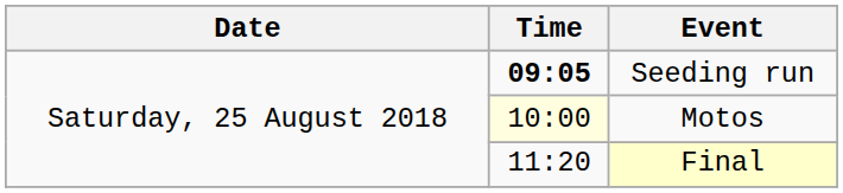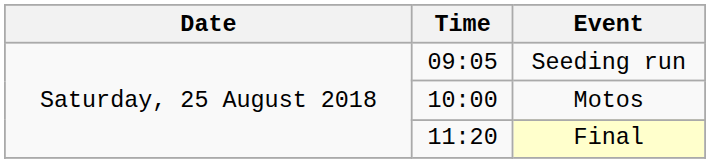 <table class = "wikitable" style="text-align:center;">
 <tr>
 <th width=220>Date</th>
 <th width=50>Time</th>
 <th width=100>Event</th>
 </tr>
 <tr>
 <td rowspan=3>Saturday, 25 August 2018</td>
-<td><strong>09:05</strong></td>
+<td>09:05</td>
 <td>Seeding run</td>
 </tr>
 <tr>
-<td style="background: lightyellow;">10:00</td>
+<td>10:00</td>
 <td>Motos</td>
 </tr>
 <tr>
 <td>11:20</td>
 <td bgcolor=ffffcc>Final</td>
 </tr>
 </table>
